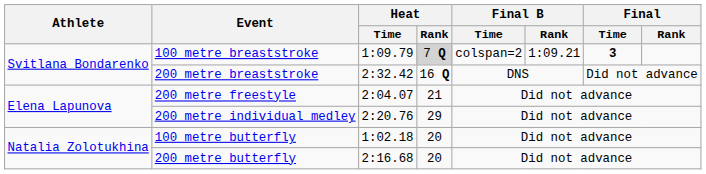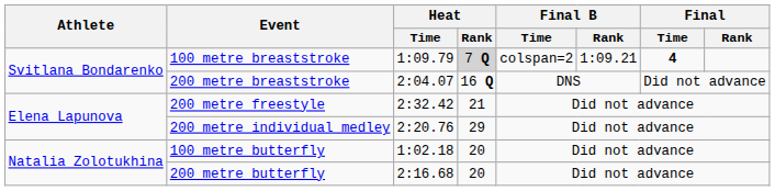 <table class=wikitable style="font-size:90%">
 <tr>
 <th rowspan="2">Athlete</th>
 <th rowspan="2">Event</th>
 <th colspan="2">Heat</th>
 <th colspan="2">Final B</th>
 <th colspan="2">Final</th>
 </tr>
 <tr style="font-size:95%">
 <th>Time</th>
 <th>Rank</th>
 <th>Time</th>
 <th>Rank</th>
 <th>Time</th>
 <th>Rank</th>
 </tr>
 <tr align=center>
 <td align=left rowspan=2><a href='#'>Svitlana Bondarenko</a></td>
 <td align=left><a href='#'>100 metre breaststroke</a></td>
 <td>1:09.79</td>
 <td style="background: lightgrey;">7 <strong>Q</strong></td>
 <td>colspan=2 </td>
 <td>1:09.21</td>
-<td><strong>3</strong></td>
+<td><strong>4</strong></td>
 </tr>
 <tr align=center>
 <td align=left><a href='#'>200 metre breaststroke</a></td>
-<td>2:32.42</td>
+<td>2:04.07</td>
 <td>16 <strong>Q</strong></td>
 <td colspan=2>DNS</td>
 <td colspan=2>Did not advance</td>
 </tr>
 <tr align=center>
 <td align=left rowspan=2><a href='#'>Elena Lapunova</a></td>
 <td align=left><a href='#'>200 metre freestyle</a></td>
-<td>2:04.07</td>
+<td>2:32.42</td>
 <td>21</td>
 <td colspan=4>Did not advance</td>
 </tr>
 <tr align=center>
 <td align=left><a href='#'>200 metre individual medley</a></td>
 <td>2:20.76</td>
 <td>29</td>
 <td colspan=4>Did not advance</td>
 </tr>
 <tr align=center>
 <td align=left rowspan=2><a href='#'>Natalia Zolotukhina</a></td>
 <td align=left><a href='#'>100 metre butterfly</a></td>
 <td>1:02.18</td>
 <td>20</td>
 <td colspan=4>Did not advance</td>
 </tr>
 <tr align=center>
 <td align=left><a href='#'>200 metre butterfly</a></td>
 <td>2:16.68</td>
 <td>20</td>
 <td colspan=4>Did not advance</td>
 </tr>
 </table>
